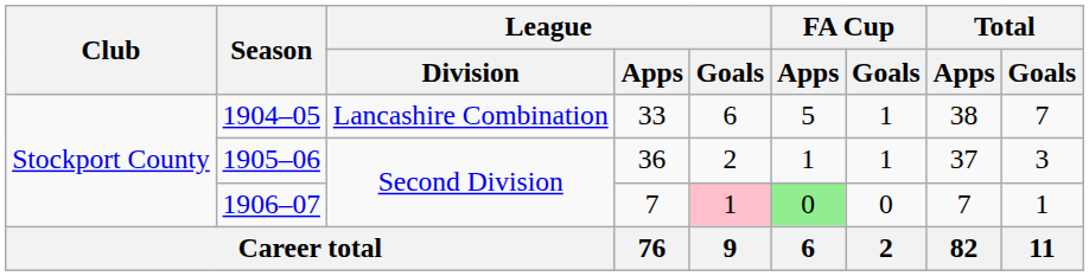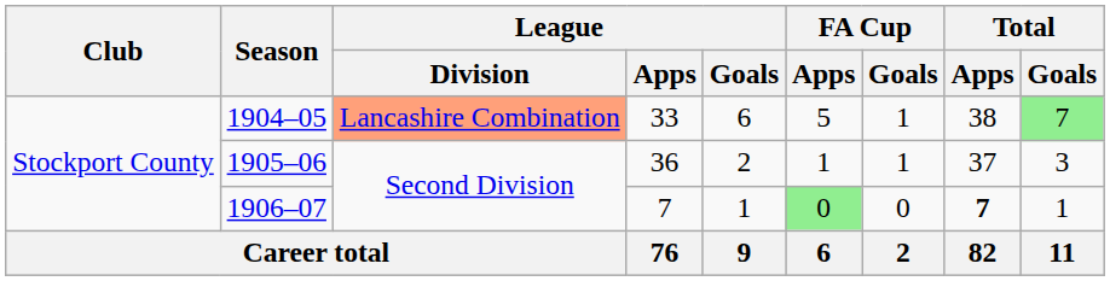 <table class="wikitable" style="text-align: center;">
 <tr>
 <th rowspan="2">Club</th>
 <th rowspan="2">Season</th>
 <th colspan="3">League</th>
 <th colspan="2">FA Cup</th>
 <th colspan="2">Total</th>
 </tr>
 <tr>
 <th>Division</th>
 <th>Apps</th>
 <th>Goals</th>
 <th>Apps</th>
 <th>Goals</th>
 <th>Apps</th>
 <th>Goals</th>
 </tr>
 <tr>
 <td rowspan="3"><a href='#'>Stockport County</a></td>
 <td><a href='#'>1904–05</a></td>
-<td><a href='#'>Lancashire Combination</a></td>
+<td style="background: lightsalmon;"><a href='#'>Lancashire Combination</a></td>
 <td>33</td>
 <td>6</td>
 <td>5</td>
 <td>1</td>
 <td>38</td>
-<td>7</td>
+<td style="background: lightgreen;">7</td>
 </tr>
 <tr>
 <td><a href='#'>1905–06</a></td>
 <td rowspan="2"><a href='#'>Second Division</a></td>
 <td>36</td>
 <td>2</td>
 <td>1</td>
 <td>1</td>
 <td>37</td>
 <td>3</td>
 </tr>
 <tr>
 <td><a href='#'>1906–07</a></td>
 <td>7</td>
-<td style="background: pink;">1</td>
+<td>1</td>
 <td style="background: lightgreen;">0</td>
 <td>0</td>
-<td>7</td>
+<td><strong>7</strong></td>
 <td>1</td>
 </tr>
 <tr>
 <th colspan="3">Career total</th>
 <th>76</th>
 <th>9</th>
 <th>6</th>
 <th>2</th>
 <th>82</th>
 <th>11</th>
 </tr>
 </table>
